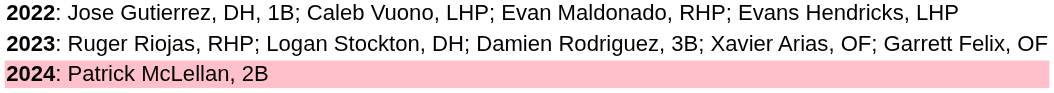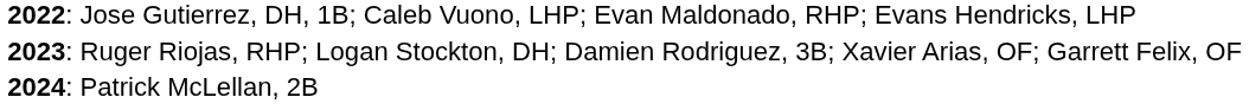 <table>
 <tr>
 <td><strong>2022</strong>: Jose Gutierrez, DH, 1B; Caleb Vuono, LHP; Evan Maldonado, RHP; Evans Hendricks, LHP</td>
 </tr>
 <tr>
 <td><strong>2023</strong>: Ruger Riojas, RHP; Logan Stockton, DH; Damien Rodriguez, 3B; Xavier Arias, OF; Garrett Felix, OF</td>
 </tr>
 <tr>
-<td style="background: pink;"><strong>2024</strong>: Patrick McLellan, 2B</td>
+<td><strong>2024</strong>: Patrick McLellan, 2B</td>
 </tr>
 <tr>
 </tr>
 </table>
